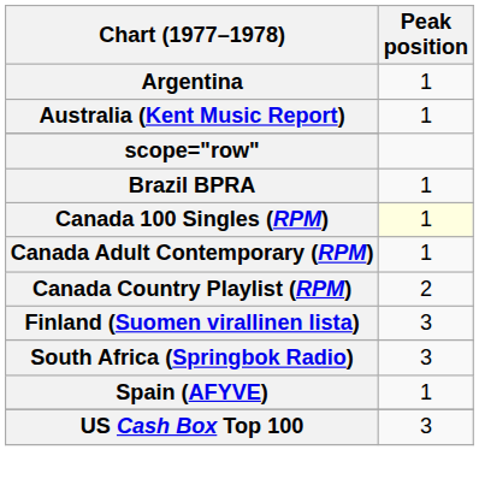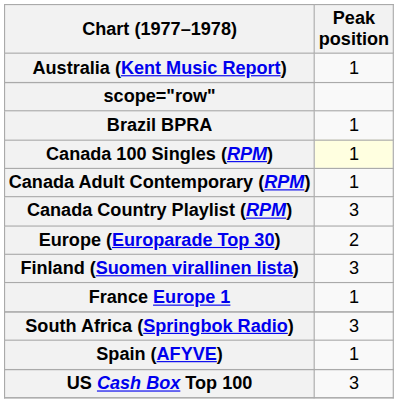 <table class="wikitable sortable plainrowheaders" style="text-align:center">
 <tr>
 <th>Chart (1977–1978)</th>
 <th>Peak<br>position</th>
-</tr>
-<tr>
-<th scope="row">Argentina</th>
-<td align="center">1</td>
 </tr>
 <tr>
 <th scope="row">Australia (<a href='#'>Kent Music Report</a>)</th>
 <td>1</td>
 </tr>
 <tr>
 </tr>
 <tr>
 <th>scope="row"</th>
 </tr>
 <tr>
 <th scope="row">Brazil BPRA</th>
 <td align="center">1</td>
 </tr>
 <tr>
 <th scope="row">Canada 100 Singles (<a href='#'><em>RPM</em></a>)</th>
 <td style="background: lightyellow;">1</td>
 </tr>
 <tr>
 <th scope="row">Canada Adult Contemporary (<a href='#'><em>RPM</em></a>)</th>
 <td>1</td>
 </tr>
 <tr>
 <th scope="row">Canada Country Playlist (<a href='#'><em>RPM</em></a>)</th>
+<td>3</td>
+</tr>
+<tr>
+<th scope="row">Europe (<a href='#'>Europarade Top 30</a>)</th>
 <td>2</td>
 </tr>
 <tr>
 <th scope="row">Finland (<a href='#'>Suomen virallinen lista</a>)</th>
 <td>3</td>
+</tr>
+<tr>
+<th scope="row">France <a href='#'>Europe 1</a></th>
+<td>1</td>
 </tr>
 <tr>
 </tr>
 <tr>
 </tr>
 <tr>
 </tr>
 <tr>
 </tr>
 <tr>
 </tr>
 <tr>
 <th scope="row">South Africa (<a href='#'>Springbok Radio</a>)</th>
 <td>3</td>
 </tr>
 <tr>
 <th scope="row">Spain (<a href='#'>AFYVE</a>)</th>
 <td>1</td>
 </tr>
 <tr>
 </tr>
 <tr>
 </tr>
 <tr>
 </tr>
 <tr>
 </tr>
 <tr>
 </tr>
 <tr>
 </tr>
 <tr>
 <th scope="row">US <em><a href='#'>Cash Box</a></em> Top 100</th>
 <td>3</td>
 </tr>
 <tr>
 </tr>
 </table>
